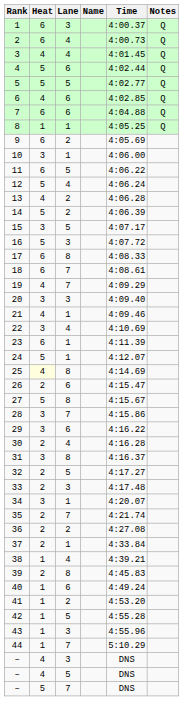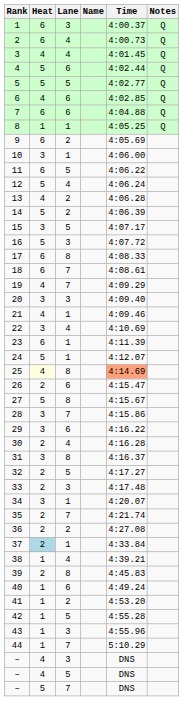 <table class="wikitable sortable" style="text-align:center">
 <tr>
 <th>Rank</th>
 <th>Heat</th>
 <th>Lane</th>
 <th>Name</th>
 <th>Time</th>
 <th>Notes</th>
 </tr>
 <tr bgcolor=ccffcc>
 <td>1</td>
 <td>6</td>
 <td>3</td>
 <td align=left></td>
 <td>4:00.37</td>
 <td>Q</td>
 </tr>
 <tr bgcolor=ccffcc>
 <td>2</td>
 <td>6</td>
 <td>4</td>
 <td align=left></td>
 <td>4:00.73</td>
 <td>Q</td>
 </tr>
 <tr bgcolor=ccffcc>
 <td>3</td>
 <td>4</td>
 <td>4</td>
 <td align=left></td>
 <td>4:01.45</td>
 <td>Q</td>
 </tr>
 <tr bgcolor=ccffcc>
 <td>4</td>
 <td>5</td>
 <td>6</td>
 <td align=left></td>
 <td>4:02.44</td>
 <td>Q</td>
 </tr>
 <tr bgcolor=ccffcc>
 <td>5</td>
 <td>5</td>
 <td>5</td>
 <td align=left></td>
 <td>4:02.77</td>
 <td>Q</td>
 </tr>
 <tr bgcolor=ccffcc>
 <td>6</td>
 <td>4</td>
 <td>6</td>
 <td align=left></td>
 <td>4:02.85</td>
 <td>Q</td>
 </tr>
 <tr bgcolor=ccffcc>
 <td>7</td>
 <td>6</td>
 <td>6</td>
 <td align=left></td>
 <td>4:04.88</td>
 <td>Q</td>
 </tr>
 <tr bgcolor=ccffcc>
 <td>8</td>
 <td>1</td>
 <td>1</td>
 <td align=left></td>
 <td>4:05.25</td>
 <td>Q</td>
 </tr>
 <tr>
 <td>9</td>
 <td>6</td>
 <td>2</td>
 <td align=left></td>
 <td>4:05.69</td>
 <td></td>
 </tr>
 <tr>
 <td>10</td>
 <td>3</td>
 <td>1</td>
 <td align=left></td>
 <td>4:06.00</td>
 <td></td>
 </tr>
 <tr>
 <td>11</td>
 <td>6</td>
 <td>5</td>
 <td align=left></td>
 <td>4:06.22</td>
 <td></td>
 </tr>
 <tr>
 <td>12</td>
 <td>5</td>
 <td>4</td>
 <td align=left></td>
 <td>4:06.24</td>
 <td></td>
 </tr>
 <tr>
 <td>13</td>
 <td>4</td>
 <td>2</td>
 <td align=left></td>
 <td>4:06.28</td>
 <td></td>
 </tr>
 <tr>
 <td>14</td>
 <td>5</td>
 <td>2</td>
 <td align=left></td>
 <td>4:06.39</td>
 <td></td>
 </tr>
 <tr>
 <td>15</td>
 <td>3</td>
 <td>5</td>
 <td align=left></td>
 <td>4:07.17</td>
 <td></td>
 </tr>
 <tr>
 <td>16</td>
 <td>5</td>
 <td>3</td>
 <td align=left></td>
 <td>4:07.72</td>
 <td></td>
 </tr>
 <tr>
 <td>17</td>
 <td>6</td>
 <td>8</td>
 <td align=left></td>
 <td>4:08.33</td>
 <td></td>
 </tr>
 <tr>
 <td>18</td>
 <td>6</td>
 <td>7</td>
 <td align=left></td>
 <td>4:08.61</td>
 <td></td>
 </tr>
 <tr>
 <td>19</td>
 <td>4</td>
 <td>7</td>
 <td align=left></td>
 <td>4:09.29</td>
 <td></td>
 </tr>
 <tr>
 <td>20</td>
 <td>3</td>
 <td>3</td>
 <td align=left></td>
 <td>4:09.40</td>
 <td></td>
 </tr>
 <tr>
 <td>21</td>
 <td>4</td>
 <td>1</td>
 <td align=left></td>
 <td>4:09.46</td>
 <td></td>
 </tr>
 <tr>
 <td>22</td>
 <td>3</td>
 <td>4</td>
 <td align=left></td>
 <td>4:10.69</td>
 <td></td>
 </tr>
 <tr>
 <td>23</td>
 <td>6</td>
 <td>1</td>
 <td align=left></td>
 <td>4:11.39</td>
 <td></td>
 </tr>
 <tr>
 <td>24</td>
 <td>5</td>
 <td>1</td>
 <td align=left></td>
 <td>4:12.07</td>
 <td></td>
 </tr>
 <tr>
 <td>25</td>
 <td style="background: lightyellow;">4</td>
 <td>8</td>
 <td align=left></td>
-<td>4:14.69</td>
+<td style="background: lightsalmon;">4:14.69</td>
 <td></td>
 </tr>
 <tr>
 <td>26</td>
 <td>2</td>
 <td>6</td>
 <td align=left></td>
 <td>4:15.47</td>
 <td></td>
 </tr>
 <tr>
 <td>27</td>
 <td>5</td>
 <td>8</td>
 <td align=left></td>
 <td>4:15.67</td>
 <td></td>
 </tr>
 <tr>
 <td>28</td>
 <td>3</td>
 <td>7</td>
 <td align=left></td>
 <td>4:15.86</td>
 <td></td>
 </tr>
 <tr>
 <td>29</td>
 <td>3</td>
 <td>6</td>
 <td align=left></td>
 <td>4:16.22</td>
 <td></td>
 </tr>
 <tr>
 <td>30</td>
 <td>2</td>
 <td>4</td>
 <td align=left></td>
 <td>4:16.28</td>
 <td></td>
 </tr>
 <tr>
 <td>31</td>
 <td>3</td>
 <td>8</td>
 <td align=left></td>
 <td>4:16.37</td>
 <td></td>
 </tr>
 <tr>
 <td>32</td>
 <td>2</td>
 <td>5</td>
 <td align=left></td>
 <td>4:17.27</td>
 <td></td>
 </tr>
 <tr>
 <td>33</td>
 <td>2</td>
 <td>3</td>
 <td align=left></td>
 <td>4:17.48</td>
 <td></td>
 </tr>
 <tr>
 <td>34</td>
 <td>3</td>
 <td>1</td>
 <td align=left></td>
 <td>4:20.07</td>
 <td></td>
 </tr>
 <tr>
 <td>35</td>
 <td>2</td>
 <td>7</td>
 <td align=left></td>
 <td>4:21.74</td>
 <td></td>
 </tr>
 <tr>
 <td>36</td>
 <td>2</td>
 <td>2</td>
 <td align=left></td>
 <td>4:27.08</td>
 <td></td>
 </tr>
 <tr>
 <td>37</td>
-<td>2</td>
+<td style="background: lightblue;">2</td>
 <td>1</td>
 <td align=left></td>
 <td>4:33.84</td>
 <td></td>
 </tr>
 <tr>
 <td>38</td>
 <td>1</td>
 <td>4</td>
 <td align=left></td>
 <td>4:39.21</td>
 <td></td>
 </tr>
 <tr>
 <td>39</td>
 <td>2</td>
 <td>8</td>
 <td align=left></td>
 <td>4:45.83</td>
 <td></td>
 </tr>
 <tr>
 <td>40</td>
 <td>1</td>
 <td>6</td>
 <td align=left></td>
 <td>4:49.24</td>
 <td></td>
 </tr>
 <tr>
 <td>41</td>
 <td>1</td>
 <td>2</td>
 <td align=left></td>
 <td>4:53.20</td>
 <td></td>
 </tr>
 <tr>
 <td>42</td>
 <td>1</td>
 <td>5</td>
 <td align=left></td>
 <td>4:55.28</td>
 <td></td>
 </tr>
 <tr>
 <td>43</td>
 <td>1</td>
 <td>3</td>
 <td align=left></td>
 <td>4:55.96</td>
 <td></td>
 </tr>
 <tr>
 <td>44</td>
 <td>1</td>
 <td>7</td>
 <td align=left></td>
 <td>5:10.29</td>
 <td></td>
 </tr>
 <tr>
 <td>–</td>
 <td>4</td>
 <td>3</td>
 <td align=left></td>
 <td>DNS</td>
 <td></td>
 </tr>
 <tr>
 <td>–</td>
 <td>4</td>
 <td>5</td>
 <td align=left></td>
 <td>DNS</td>
 <td></td>
 </tr>
 <tr>
 <td>–</td>
 <td>5</td>
 <td>7</td>
 <td align=left></td>
 <td>DNS</td>
 <td></td>
 </tr>
 </table>
